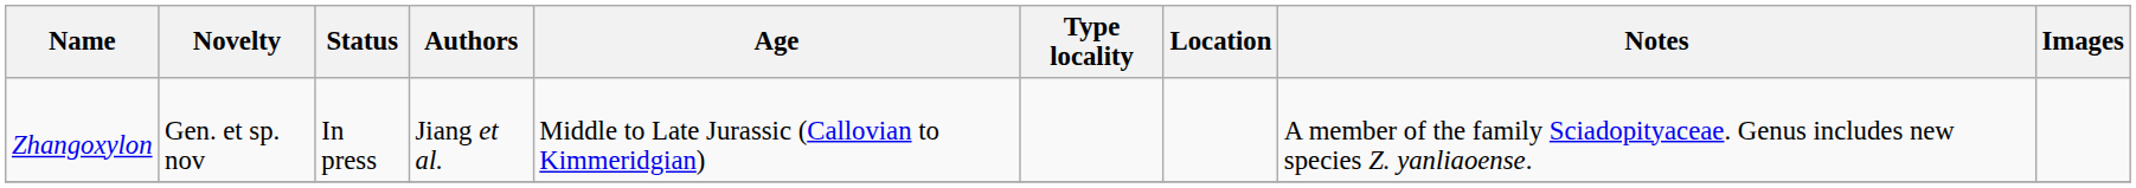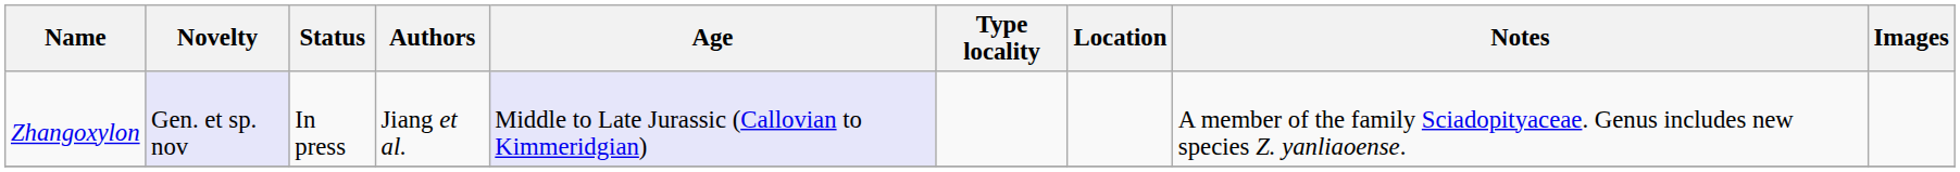 <table class="wikitable sortable" align="center" width="100%">
 <tr>
 <th>Name</th>
 <th>Novelty</th>
 <th>Status</th>
 <th>Authors</th>
 <th>Age</th>
 <th>Type locality</th>
 <th>Location</th>
 <th>Notes</th>
 <th>Images</th>
 </tr>
 <tr>
 <td><br><em><a href='#'>Zhangoxylon</a></em></td>
-<td><br>Gen. et sp. nov</td>
+<td style="background: lavender;"><br>Gen. et sp. nov</td>
 <td><br>In press</td>
 <td><br>Jiang <em>et al.</em></td>
-<td><br>Middle to Late Jurassic (<a href='#'>Callovian</a> to <a href='#'>Kimmeridgian</a>)</td>
+<td style="background: lavender;"><br>Middle to Late Jurassic (<a href='#'>Callovian</a> to <a href='#'>Kimmeridgian</a>)</td>
 <td></td>
 <td><br></td>
 <td><br>A member of the family <a href='#'>Sciadopityaceae</a>. Genus includes new species <em>Z. yanliaoense</em>.</td>
 <td></td>
 </tr>
 <tr>
 </tr>
 </table>
